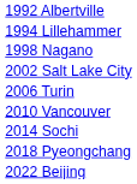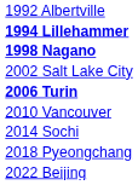 <table>
 <tr>
 <td><a href='#'>1992 Albertville</a><br></td>
 <td></td>
 <td></td>
 <td></td>
 </tr>
 <tr>
-<td><a href='#'>1994 Lillehammer</a><br></td>
+<td><strong><a href='#'>1994 Lillehammer</a><br></strong></td>
 <td></td>
 <td></td>
 <td></td>
 </tr>
 <tr>
-<td><a href='#'>1998 Nagano</a><br></td>
+<td><strong><a href='#'>1998 Nagano</a><br></strong></td>
 <td></td>
 <td></td>
 <td></td>
 </tr>
 <tr>
 <td><a href='#'>2002 Salt Lake City</a><br></td>
 <td></td>
 <td></td>
 <td></td>
 </tr>
 <tr>
-<td><a href='#'>2006 Turin</a><br></td>
+<td><strong><a href='#'>2006 Turin</a><br></strong></td>
 <td></td>
 <td></td>
 <td></td>
 </tr>
 <tr>
 <td><a href='#'>2010 Vancouver</a><br></td>
 <td></td>
 <td></td>
 <td></td>
 </tr>
 <tr>
 <td><a href='#'>2014 Sochi</a><br></td>
 <td></td>
 <td></td>
 <td></td>
 </tr>
 <tr>
 <td><a href='#'>2018 Pyeongchang</a><br></td>
 <td></td>
 <td></td>
 <td></td>
 </tr>
 <tr>
 <td><a href='#'>2022 Beijing</a><br></td>
 <td></td>
 <td></td>
 <td></td>
 </tr>
 <tr>
 </tr>
 </table>
